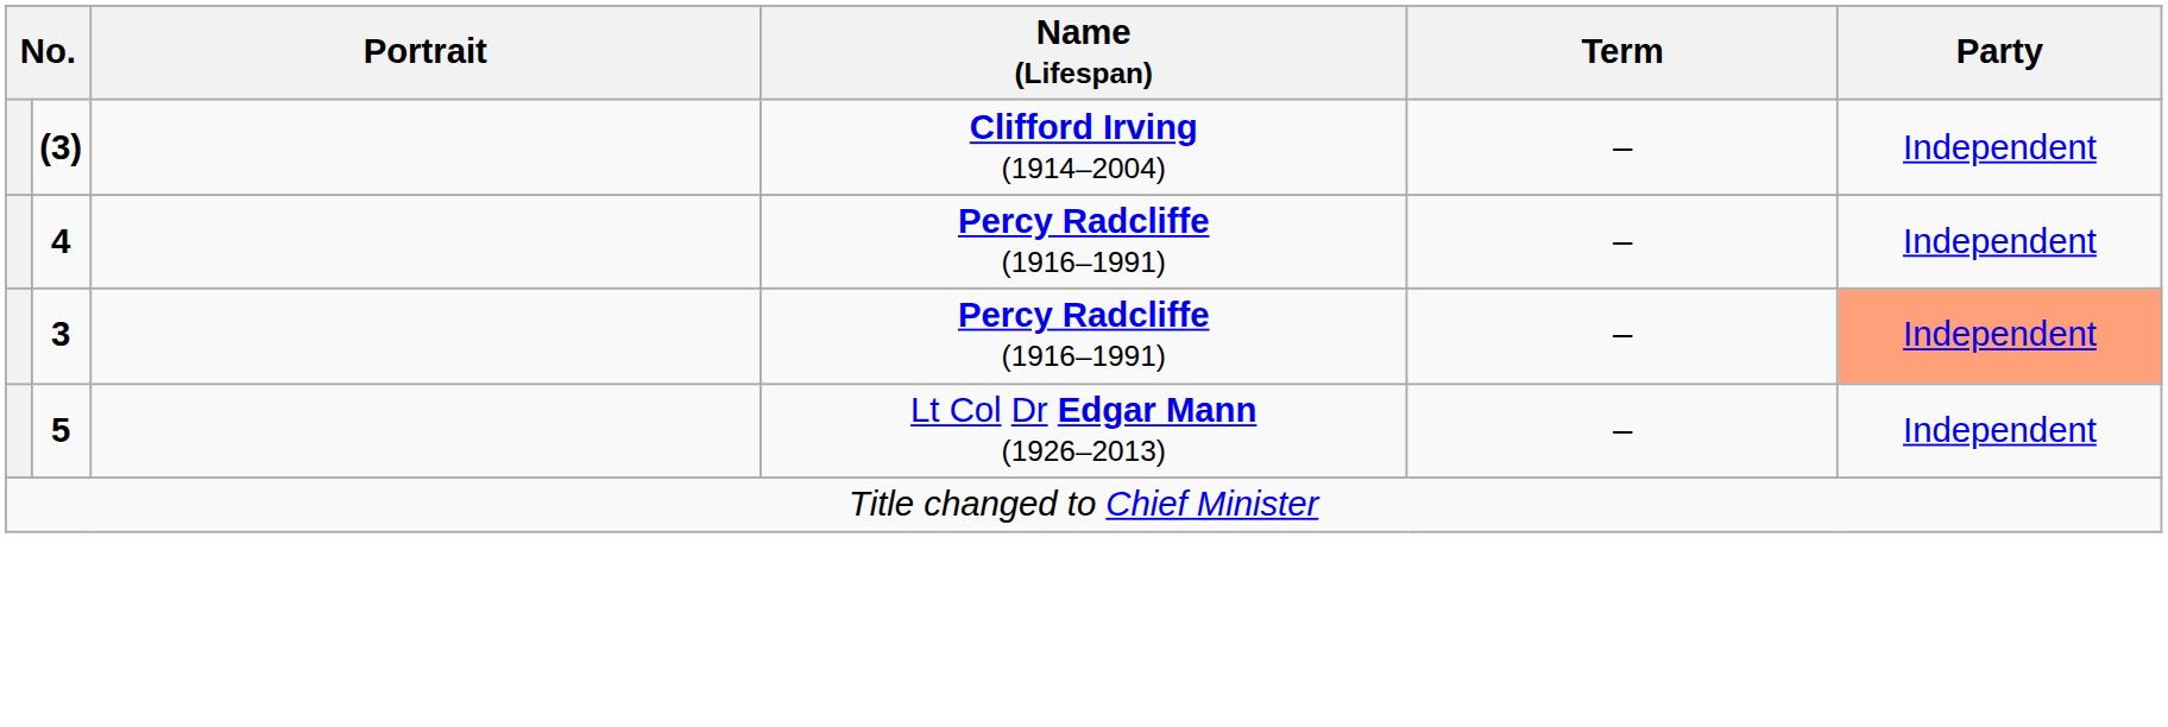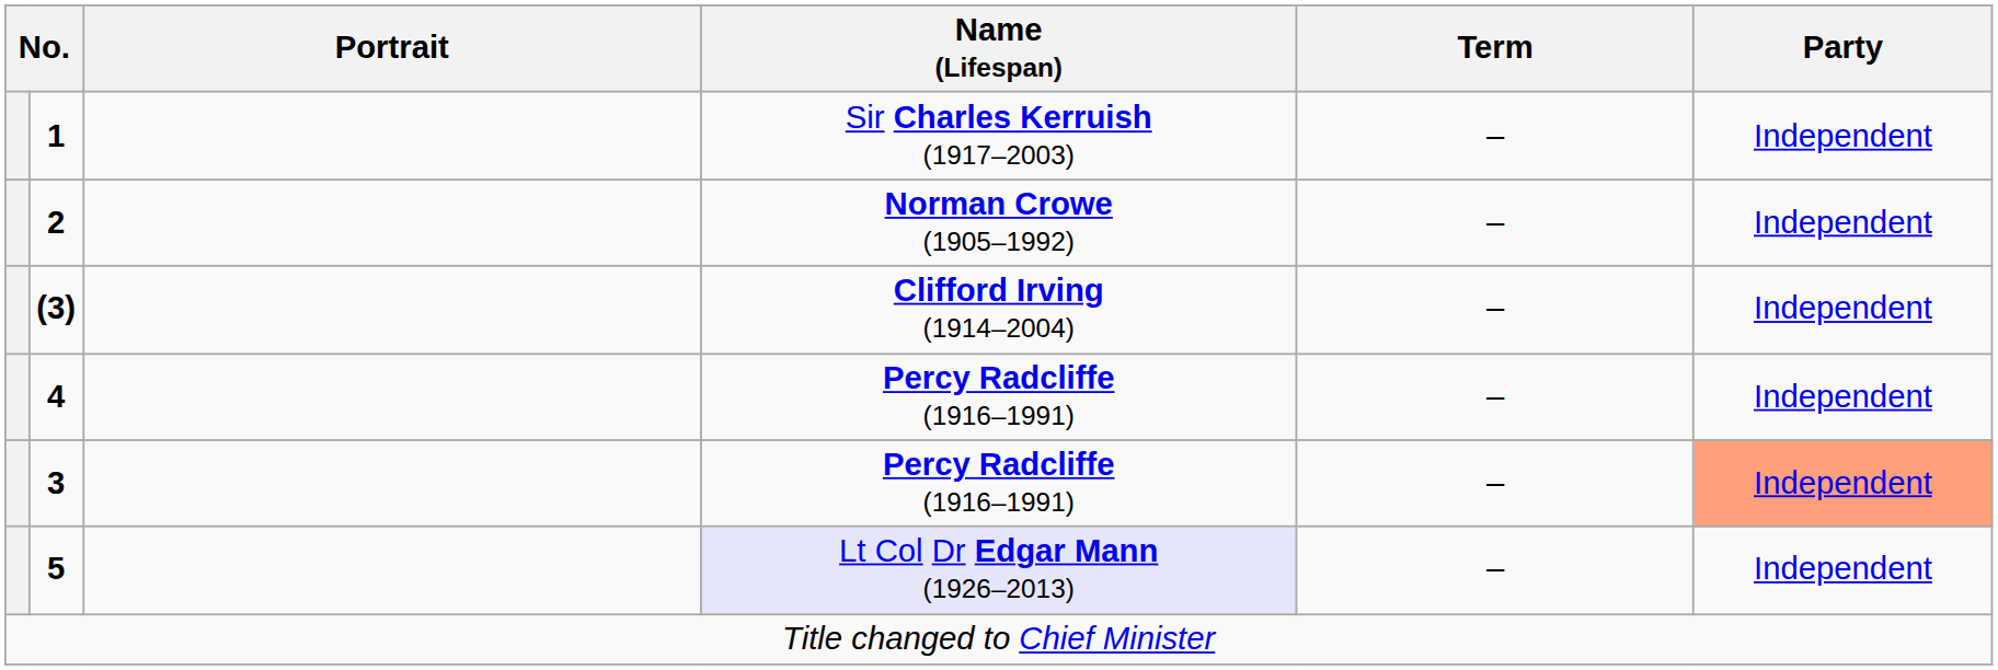 <table class="wikitable" style="text-align:center; width:50%;">
 <tr>
 <th colspan="2" width="2%">No.</th>
 <th width="75">Portrait</th>
 <th width="30%">Name<br><small>(Lifespan)</small></th>
 <th width="20%">Term</th>
 <th width="15%">Party</th>
+</tr>
+<tr>
+<th style="background-color:"> </th>
+<td><strong>1</strong></td>
+<td></td>
+<td><a href='#'>Sir</a> <strong><a href='#'>Charles Kerruish</a></strong><br><small>(1917–2003)</small></td>
+<td> – </td>
+<td><a href='#'>Independent</a></td>
+</tr>
+<tr>
+<th style="background-color:"> </th>
+<td><strong>2</strong></td>
+<td></td>
+<td><strong><a href='#'>Norman Crowe</a></strong><br><small>(1905–1992)</small></td>
+<td> – </td>
+<td><a href='#'>Independent</a></td>
 </tr>
 <tr>
 <th style="background-color:"> </th>
 <td><strong>(3)</strong></td>
 <td></td>
 <td><strong><a href='#'>Clifford Irving</a></strong><br><small>(1914–2004)</small></td>
 <td> – </td>
 <td><a href='#'>Independent</a></td>
 </tr>
 <tr>
 <th style="background-color:"> </th>
 <td><strong>4</strong></td>
 <td></td>
 <td><strong><a href='#'>Percy Radcliffe</a></strong><br><small>(1916–1991)</small></td>
 <td> – </td>
 <td><a href='#'>Independent</a></td>
 </tr>
 <tr>
 <th style="background-color:"> </th>
 <td><strong>3</strong></td>
 <td></td>
 <td><strong><a href='#'>Percy Radcliffe</a></strong><br><small>(1916–1991)</small></td>
 <td> – </td>
 <td style="background: lightsalmon;"><a href='#'>Independent</a></td>
 </tr>
 <tr>
 <th style="background-color:"> </th>
 <td><strong>5</strong></td>
 <td></td>
-<td><a href='#'>Lt Col</a> <a href='#'>Dr</a> <strong><a href='#'>Edgar Mann</a></strong><br><small>(1926–2013)</small></td>
+<td style="background: lavender;"><a href='#'>Lt Col</a> <a href='#'>Dr</a> <strong><a href='#'>Edgar Mann</a></strong><br><small>(1926–2013)</small></td>
 <td> – </td>
 <td><a href='#'>Independent</a></td>
 </tr>
 <tr>
 <td colspan="6"><em>Title changed to <a href='#'>Chief Minister</a></em></td>
 </tr>
 </table>
